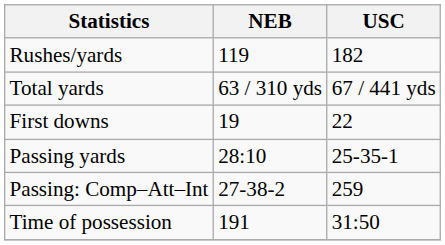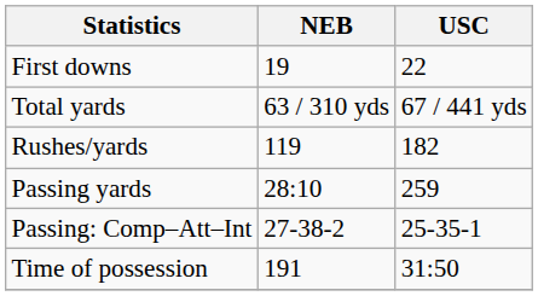 <table class="wikitable" style="float: left;">
 <tr>
 <th>Statistics</th>
 <th>NEB</th>
 <th>USC</th>
 </tr>
 <tr>
-<td>Rushes/yards</td>
-<td>119</td>
-<td>182</td>
+<td>First downs</td>
+<td>19</td>
+<td>22</td>
 </tr>
 <tr>
 <td>Total yards</td>
 <td>63 / 310 yds</td>
 <td>67 / 441 yds</td>
 </tr>
 <tr>
-<td>First downs</td>
-<td>19</td>
-<td>22</td>
+<td>Rushes/yards</td>
+<td>119</td>
+<td>182</td>
 </tr>
 <tr>
 <td>Passing yards</td>
 <td>28:10</td>
-<td>25-35-1</td>
+<td>259</td>
 </tr>
 <tr>
 <td>Passing: Comp–Att–Int</td>
 <td>27-38-2</td>
-<td>259</td>
+<td>25-35-1</td>
 </tr>
 <tr>
 <td>Time of possession</td>
 <td>191</td>
 <td>31:50</td>
 </tr>
 <tr>
 </tr>
 </table>
